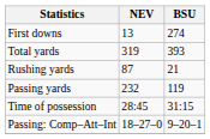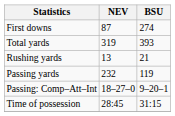 <table class="wikitable" style="float: left;">
 <tr>
 <th>Statistics</th>
 <th>NEV</th>
 <th>BSU</th>
 </tr>
 <tr>
 <td>First downs</td>
-<td>13</td>
+<td>87</td>
 <td>274</td>
 </tr>
 <tr>
 <td>Total yards</td>
 <td>319</td>
 <td>393</td>
 </tr>
 <tr>
 <td>Rushing yards</td>
-<td>87</td>
+<td>13</td>
 <td>21</td>
 </tr>
 <tr>
 <td>Passing yards</td>
 <td>232</td>
 <td>119</td>
 </tr>
 <tr>
+<td>Passing: Comp–Att–Int</td>
+<td>18–27–0</td>
+<td>9–20–1</td>
+</tr>
+<tr>
 <td>Time of possession</td>
 <td>28:45</td>
 <td>31:15</td>
 </tr>
 <tr>
-<td>Passing: Comp–Att–Int</td>
-<td>18–27–0</td>
-<td>9–20–1</td>
-</tr>
-<tr>
 </tr>
 </table>
